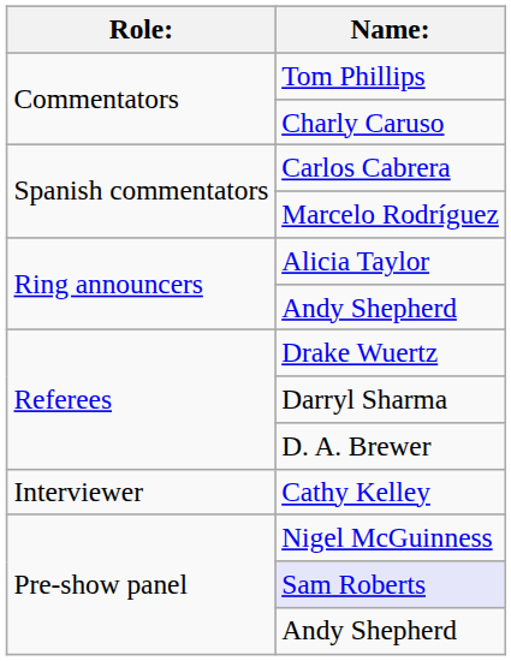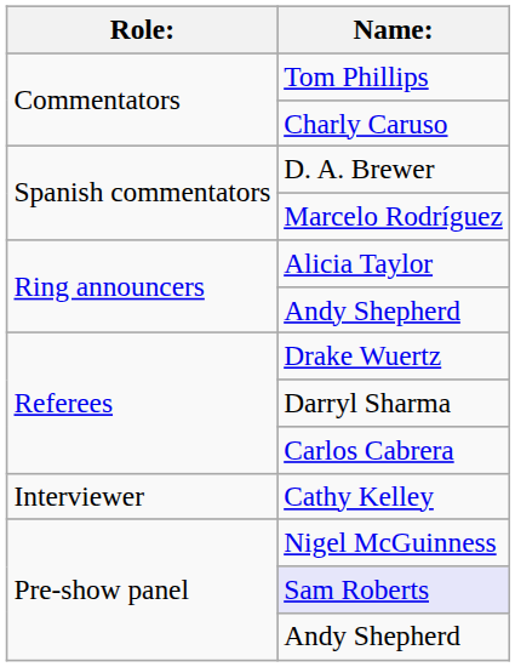 <table class=wikitable style="font-size:90%; margin: 0.5em 0 0.5em 1em; float: right; clear: right;">
 <tr>
 <th>Role:</th>
 <th>Name:</th>
 </tr>
 <tr>
 <td rowspan=2>Commentators</td>
 <td><a href='#'>Tom Phillips</a></td>
 </tr>
 <tr>
 <td><a href='#'>Charly Caruso</a></td>
 </tr>
 <tr>
 <td rowspan=2>Spanish commentators</td>
-<td><a href='#'>Carlos Cabrera</a></td>
+<td>D. A. Brewer</td>
 </tr>
 <tr>
 <td><a href='#'>Marcelo Rodríguez</a></td>
 </tr>
 <tr>
 <td rowspan=2><a href='#'>Ring announcers</a></td>
 <td><a href='#'>Alicia Taylor</a></td>
 </tr>
 <tr>
 <td><a href='#'>Andy Shepherd</a></td>
 </tr>
 <tr>
 <td rowspan=3><a href='#'>Referees</a></td>
 <td><a href='#'>Drake Wuertz</a></td>
 </tr>
 <tr>
 <td>Darryl Sharma</td>
 </tr>
 <tr>
-<td>D. A. Brewer</td>
+<td><a href='#'>Carlos Cabrera</a></td>
 </tr>
 <tr>
 <td rowspan=1>Interviewer</td>
 <td><a href='#'>Cathy Kelley</a></td>
 </tr>
 <tr>
 <td rowspan=3>Pre-show panel</td>
 <td><a href='#'>Nigel McGuinness</a></td>
 </tr>
 <tr>
 <td style="background: lavender;"><a href='#'>Sam Roberts</a></td>
 </tr>
 <tr>
 <td>Andy Shepherd</td>
 </tr>
 </table>
